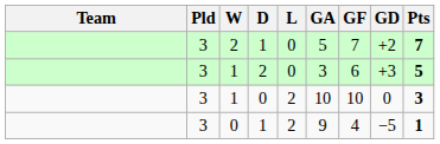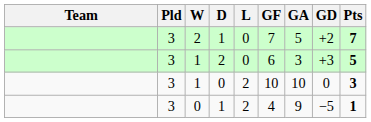 <table class="wikitable" style="text-align: center;">
 <tr>
 <th width="165">Team</th>
 <th width="20">Pld</th>
 <th width="20">W</th>
 <th width="20">D</th>
 <th width="20">L</th>
+<th width="20">GF</th>
 <th width="20">GA</th>
-<th width="20">GF</th>
 <th width="20">GD</th>
 <th width="20">Pts</th>
 </tr>
 <tr style="background-color:#ccffcc;">
 <td style="text-align:left"></td>
 <td>3</td>
 <td>2</td>
 <td>1</td>
 <td>0</td>
+<td>7</td>
 <td>5</td>
-<td>7</td>
 <td>+2</td>
 <td><strong>7</strong></td>
 </tr>
 <tr style="background-color:#ccffcc;">
 <td style="text-align:left"></td>
 <td>3</td>
 <td>1</td>
 <td>2</td>
 <td>0</td>
+<td>6</td>
 <td>3</td>
-<td>6</td>
 <td>+3</td>
 <td><strong>5</strong></td>
 </tr>
 <tr>
 <td style="text-align:left"></td>
 <td>3</td>
 <td>1</td>
 <td>0</td>
 <td>2</td>
 <td>10</td>
 <td>10</td>
 <td>0</td>
 <td><strong>3</strong></td>
 </tr>
 <tr>
 <td style="text-align:left"></td>
 <td>3</td>
 <td>0</td>
 <td>1</td>
 <td>2</td>
+<td>4</td>
 <td>9</td>
-<td>4</td>
 <td>−5</td>
 <td><strong>1</strong></td>
 </tr>
 </table>
